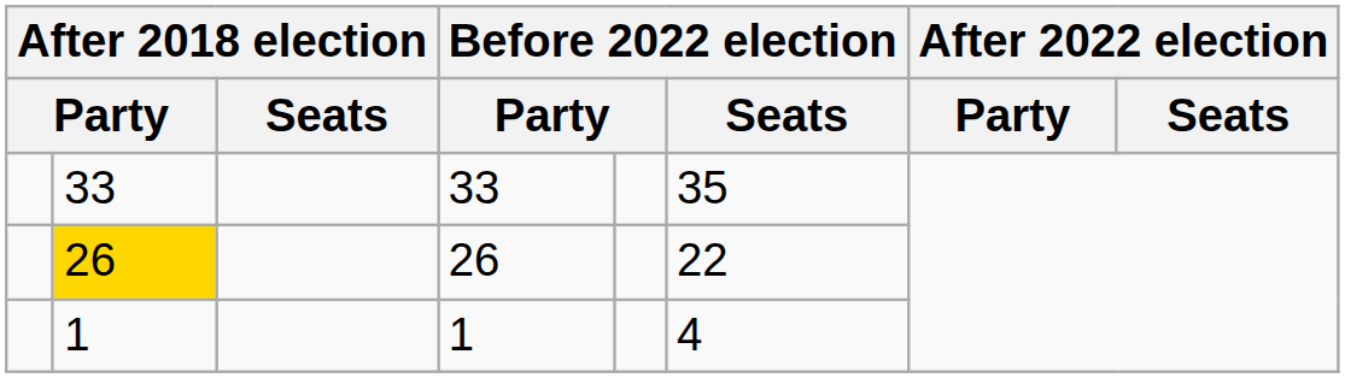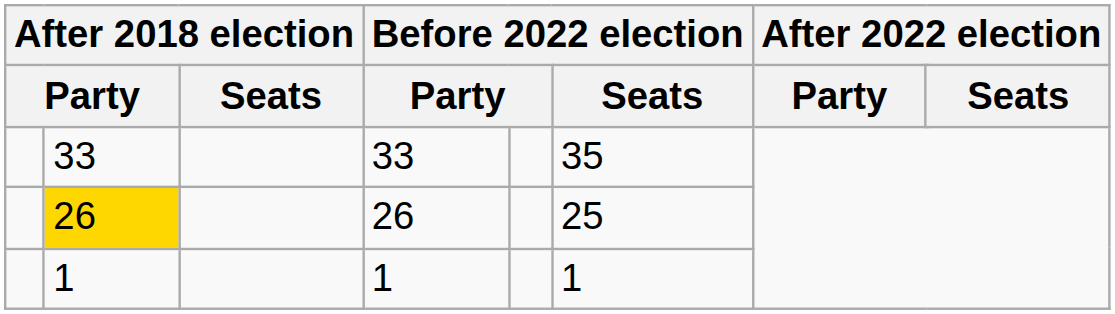 <table class="wikitable">
 <tr>
 <th colspan="3">After 2018 election</th>
 <th colspan="3">Before 2022 election</th>
 <th colspan="3">After 2022 election</th>
 </tr>
 <tr>
 <th colspan="2">Party</th>
 <th>Seats</th>
 <th colspan="2">Party</th>
 <th>Seats</th>
 <th colspan="2">Party</th>
 <th>Seats</th>
 </tr>
 <tr>
 <td></td>
 <td>33</td>
 <td></td>
 <td>33</td>
 <td></td>
 <td>35</td>
 </tr>
 <tr>
 <td></td>
 <td style="background: gold;">26</td>
 <td></td>
 <td>26</td>
 <td></td>
-<td>22</td>
+<td>25</td>
 </tr>
 <tr>
 <td></td>
 <td>1</td>
 <td></td>
 <td>1</td>
 <td></td>
-<td>4</td>
+<td>1</td>
 </tr>
 </table>
